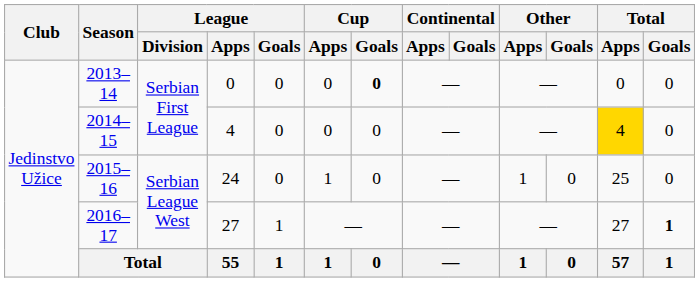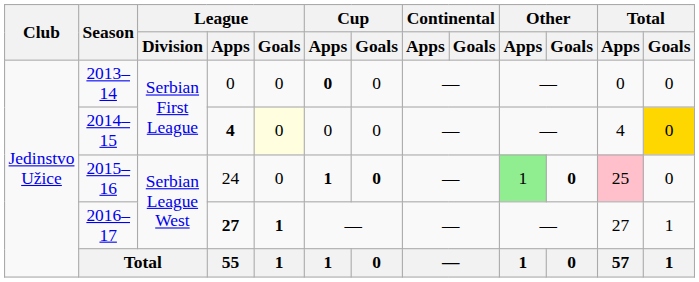 <table class="wikitable" style="text-align:center">
 <tr>
 <th rowspan="2">Club</th>
 <th rowspan="2">Season</th>
 <th colspan="3">League</th>
 <th colspan="2">Cup</th>
 <th colspan="2">Continental</th>
 <th colspan="2">Other</th>
 <th colspan="2">Total</th>
 </tr>
 <tr>
 <th>Division</th>
 <th>Apps</th>
 <th>Goals</th>
 <th>Apps</th>
 <th>Goals</th>
 <th>Apps</th>
 <th>Goals</th>
 <th>Apps</th>
 <th>Goals</th>
 <th>Apps</th>
 <th>Goals</th>
 </tr>
 <tr>
 <td rowspan="5"><a href='#'>Jedinstvo Užice</a></td>
 <td><a href='#'>2013–14</a></td>
 <td rowspan=2><a href='#'>Serbian First League</a></td>
 <td>0</td>
 <td>0</td>
+<td><strong>0</strong></td>
 <td>0</td>
-<td><strong>0</strong></td>
 <td colspan="2">—</td>
 <td colspan="2">—</td>
 <td>0</td>
 <td>0</td>
 </tr>
 <tr>
 <td><a href='#'>2014–15</a></td>
-<td>4</td>
-<td>0</td>
+<td><strong>4</strong></td>
+<td style="background: lightyellow;">0</td>
 <td>0</td>
 <td>0</td>
 <td colspan="2">—</td>
 <td colspan="2">—</td>
-<td style="background: gold;">4</td>
-<td>0</td>
+<td>4</td>
+<td style="background: gold;">0</td>
 </tr>
 <tr>
 <td><a href='#'>2015–16</a></td>
 <td rowspan=2><a href='#'>Serbian League West</a></td>
 <td>24</td>
 <td>0</td>
-<td>1</td>
-<td>0</td>
+<td><strong>1</strong></td>
+<td><strong>0</strong></td>
 <td colspan="2">—</td>
-<td>1</td>
-<td>0</td>
-<td>25</td>
+<td style="background: lightgreen;">1</td>
+<td><strong>0</strong></td>
+<td style="background: pink;">25</td>
 <td>0</td>
 </tr>
 <tr>
 <td><a href='#'>2016–17</a></td>
-<td>27</td>
-<td>1</td>
+<td><strong>27</strong></td>
+<td><strong>1</strong></td>
 <td colspan="2">—</td>
 <td colspan="2">—</td>
 <td colspan="2">—</td>
 <td>27</td>
-<td><strong>1</strong></td>
+<td>1</td>
 </tr>
 <tr>
 <th colspan="2">Total</th>
 <th>55</th>
 <th>1</th>
 <th>1</th>
 <th>0</th>
 <th colspan="2">—</th>
 <th>1</th>
 <th>0</th>
 <th>57</th>
 <th>1</th>
 </tr>
 </table>
